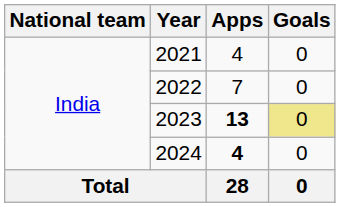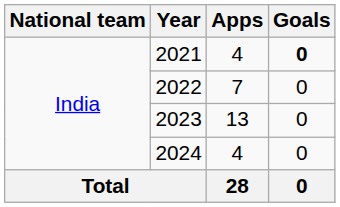 <table class="wikitable" style="text-align:center">
 <tr>
 <th>National team</th>
 <th>Year</th>
 <th>Apps</th>
 <th>Goals</th>
 </tr>
 <tr>
 <td rowspan="4"><a href='#'>India</a></td>
 <td>2021</td>
 <td>4</td>
-<td>0</td>
+<td><strong>0</strong></td>
 </tr>
 <tr>
 <td>2022</td>
 <td>7</td>
 <td>0</td>
 </tr>
 <tr>
 <td>2023</td>
-<td><strong>13</strong></td>
-<td style="background: khaki;">0</td>
+<td>13</td>
+<td>0</td>
 </tr>
 <tr>
 <td>2024</td>
-<td><strong>4</strong></td>
+<td>4</td>
 <td>0</td>
 </tr>
 <tr>
 <th colspan="2">Total</th>
 <th>28</th>
 <th>0</th>
 </tr>
 </table>
